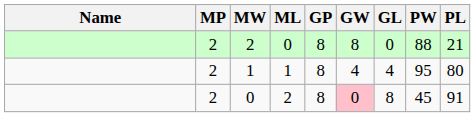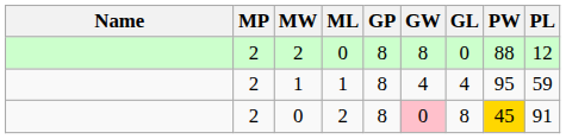 <table class=wikitable style="text-align:center">
 <tr>
 <th width=175>Name</th>
 <th width=20>MP</th>
 <th width=20>MW</th>
 <th width=20>ML</th>
 <th width=20>GP</th>
 <th width=20>GW</th>
 <th width=20>GL</th>
 <th width=20>PW</th>
 <th width=20>PL</th>
 </tr>
 <tr style="background-color:#ccffcc;">
 <td style="text-align:left;"><strong></strong></td>
 <td>2</td>
 <td>2</td>
 <td>0</td>
 <td>8</td>
 <td>8</td>
 <td>0</td>
 <td>88</td>
-<td>21</td>
+<td>12</td>
 </tr>
 <tr>
 <td style="text-align:left;"></td>
 <td>2</td>
 <td>1</td>
 <td>1</td>
 <td>8</td>
 <td>4</td>
 <td>4</td>
 <td>95</td>
-<td>80</td>
+<td>59</td>
 </tr>
 <tr>
 <td style="text-align:left;"></td>
 <td>2</td>
 <td>0</td>
 <td>2</td>
 <td>8</td>
 <td style="background: pink;">0</td>
 <td>8</td>
-<td>45</td>
+<td style="background: gold;">45</td>
 <td>91</td>
 </tr>
 </table>
